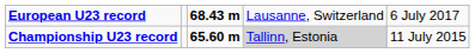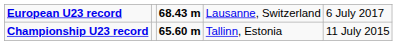 <table class="wikitable">
 <tr>
 <td><strong><a href='#'>European U23 record</a></strong></td>
 <td></td>
 <td><strong>68.43 m</strong></td>
 <td><a href='#'>Lausanne</a>, Switzerland</td>
 <td>6 July 2017</td>
 </tr>
 <tr>
 <td><strong><a href='#'>Championship U23 record</a></strong></td>
 <td></td>
 <td><strong>65.60 m</strong></td>
-<td style="background: lightgrey;"><a href='#'>Tallinn</a>, Estonia</td>
+<td><a href='#'>Tallinn</a>, Estonia</td>
 <td>11 July 2015</td>
 </tr>
 </table>
